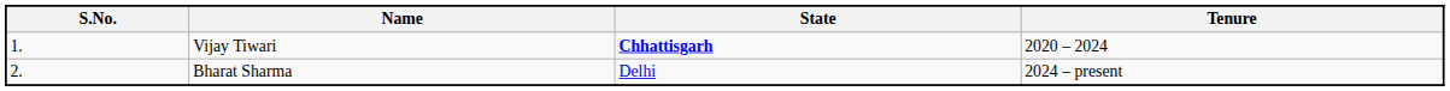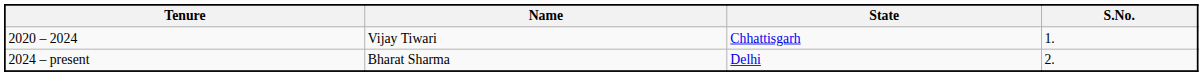 <table class="wikitable sortable" style="border-collapse: collapse; border: 2px #000000 solid; font-size: x-big; font-family: verdana" width="70%" cellspacing="0" cellpadding="2" border="1">
 <tr bgcolor="efefef" align="center">
-<th>S.No.</th>
+<th>Tenure</th>
 <th>Name</th>
 <th>State</th>
-<th>Tenure</th>
+<th>S.No.</th>
 </tr>
 <tr>
+<td>2020 – 2024</td>
+<td>Vijay Tiwari</td>
+<td><a href='#'>Chhattisgarh</a></td>
 <td>1.</td>
-<td>Vijay Tiwari</td>
-<td><strong><a href='#'>Chhattisgarh</a></strong></td>
-<td>2020 – 2024</td>
 </tr>
 <tr>
-<td>2.</td>
+<td>2024 – present</td>
 <td>Bharat Sharma</td>
 <td><a href='#'>Delhi</a></td>
-<td>2024 – present</td>
+<td>2.</td>
 </tr>
 </table>
